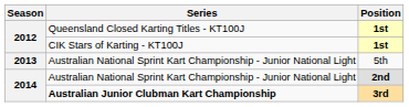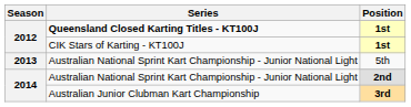 <table class="wikitable" style="font-size: 85%; text-align:center">
 <tr>
 <th>Season</th>
 <th>Series</th>
 <th>Position</th>
 </tr>
 <tr>
 <th rowspan=2>2012</th>
-<td align="left">Queensland Closed Karting Titles - KT100J</td>
+<td align="left"><strong>Queensland Closed Karting Titles - KT100J</strong></td>
 <td align="center" style="background: #ffffbf"><strong>1st</strong></td>
 </tr>
 <tr>
 <td align="left">CIK Stars of Karting - KT100J</td>
 <td align="center" style="background: #ffffbf"><strong>1st</strong></td>
 </tr>
 <tr>
 <th>2013</th>
 <td align="left">Australian National Sprint Kart Championship - Junior National Light</td>
 <td>5th</td>
 </tr>
 <tr>
 <th rowspan=2>2014</th>
 <td align="left">Australian National Sprint Kart Championship - Junior National Light</td>
 <td align="center" style="background: #dfdfdf"><strong>2nd</strong></td>
 </tr>
 <tr>
-<td align="left"><strong>Australian Junior Clubman Kart Championship</strong></td>
+<td align="left">Australian Junior Clubman Kart Championship</td>
 <td align="center" style="background: #ffdf9f"><strong>3rd</strong></td>
 </tr>
 </table>
